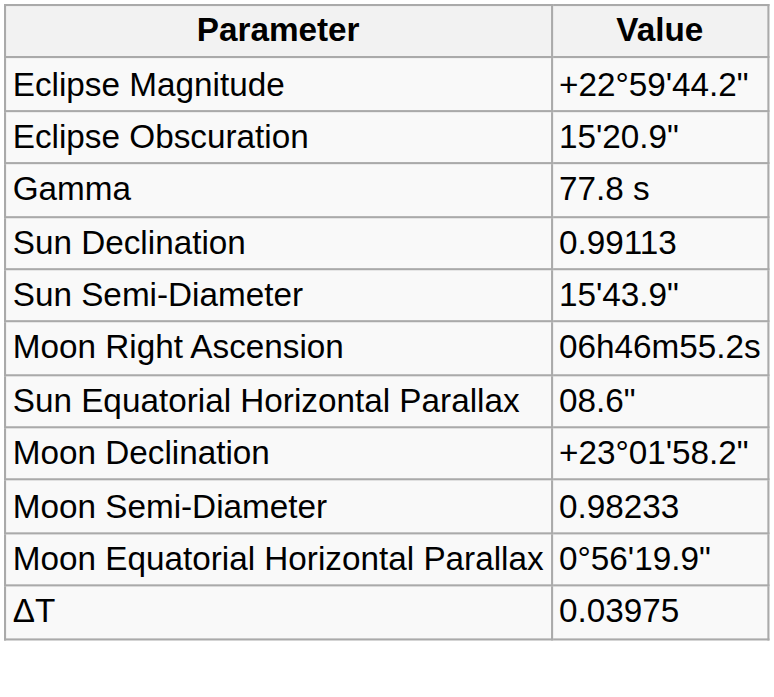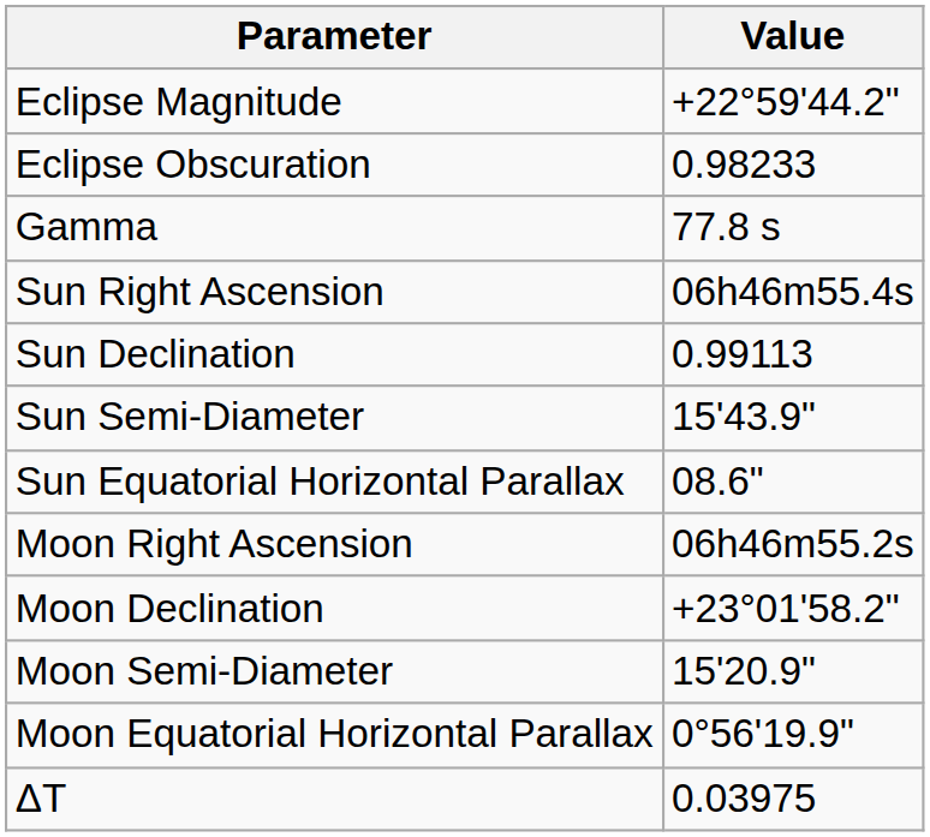 <table class="wikitable">
 <tr>
 <th>Parameter</th>
 <th>Value</th>
 </tr>
 <tr>
 <td>Eclipse Magnitude</td>
 <td>+22°59'44.2"</td>
 </tr>
 <tr>
 <td>Eclipse Obscuration</td>
-<td>15'20.9"</td>
+<td>0.98233</td>
 </tr>
 <tr>
 <td>Gamma</td>
 <td>77.8 s</td>
+</tr>
+<tr>
+<td>Sun Right Ascension</td>
+<td>06h46m55.4s</td>
 </tr>
 <tr>
 <td>Sun Declination</td>
 <td>0.99113</td>
 </tr>
 <tr>
 <td>Sun Semi-Diameter</td>
 <td>15'43.9"</td>
 </tr>
 <tr>
+<td>Sun Equatorial Horizontal Parallax</td>
+<td>08.6"</td>
+</tr>
+<tr>
 <td>Moon Right Ascension</td>
 <td>06h46m55.2s</td>
-</tr>
-<tr>
-<td>Sun Equatorial Horizontal Parallax</td>
-<td>08.6"</td>
 </tr>
 <tr>
 <td>Moon Declination</td>
 <td>+23°01'58.2"</td>
 </tr>
 <tr>
 <td>Moon Semi-Diameter</td>
-<td>0.98233</td>
+<td>15'20.9"</td>
 </tr>
 <tr>
 <td>Moon Equatorial Horizontal Parallax</td>
 <td>0°56'19.9"</td>
 </tr>
 <tr>
 <td>ΔT</td>
 <td>0.03975</td>
 </tr>
 </table>
